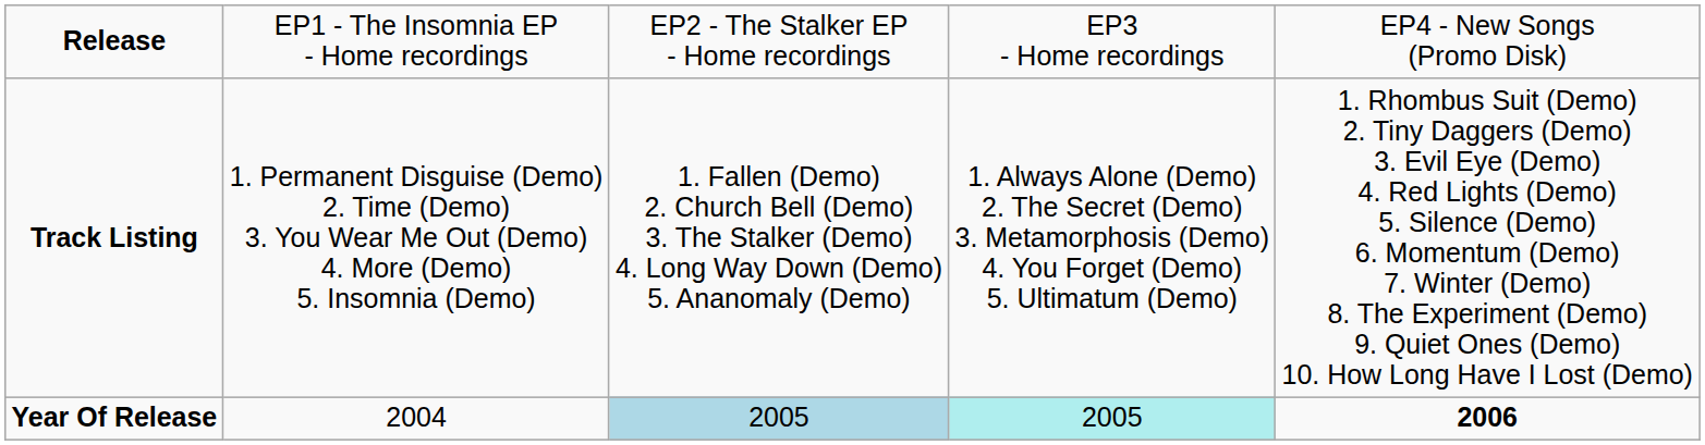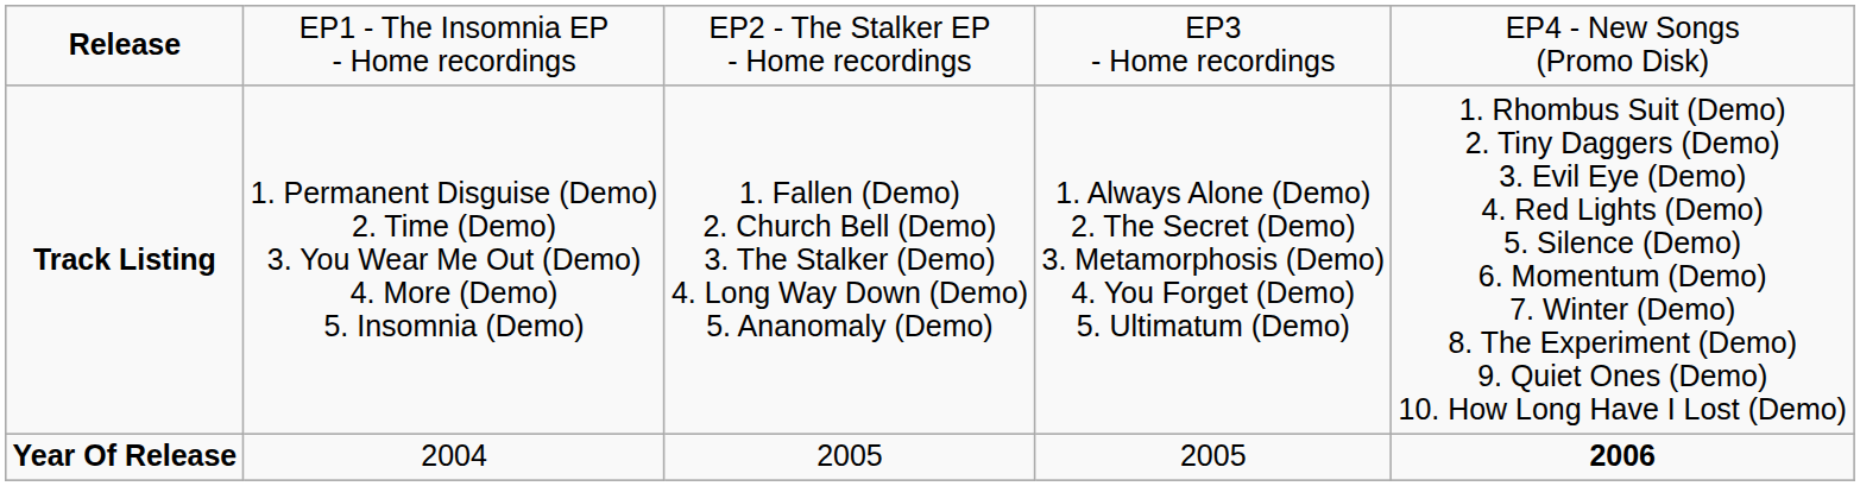 <table class="wikitable" style="text-align: center;">
 <tr>
 <td><strong>Release</strong></td>
 <td>EP1 - The Insomnia EP<br> - Home recordings</td>
 <td>EP2 - The Stalker EP<br> - Home recordings</td>
 <td>EP3<br> - Home recordings</td>
 <td>EP4 - New Songs <br> (Promo Disk)</td>
 </tr>
 <tr>
 <td><strong>Track Listing</strong></td>
 <td>1. Permanent Disguise (Demo)<br>2. Time (Demo)<br>3. You Wear Me Out (Demo)<br>4. More (Demo)<br>5. Insomnia (Demo)</td>
 <td>1. Fallen (Demo)<br>2. Church Bell (Demo)<br>3. The Stalker (Demo)<br>4. Long Way Down (Demo)<br>5. Ananomaly (Demo)</td>
 <td>1. Always Alone (Demo)<br>2. The Secret (Demo)<br>3. Metamorphosis (Demo)<br>4. You Forget (Demo)<br>5. Ultimatum (Demo)</td>
 <td>1. Rhombus Suit (Demo)<br>2. Tiny Daggers (Demo)<br>3. Evil Eye (Demo)<br>4. Red Lights (Demo)<br>5. Silence (Demo)<br>6. Momentum (Demo)<br>7. Winter (Demo)<br>8. The Experiment (Demo)<br>9. Quiet Ones (Demo)<br>10. How Long Have I Lost (Demo)</td>
 </tr>
 <tr>
 <td><strong>Year Of Release</strong></td>
 <td>2004</td>
-<td style="background: lightblue;">2005</td>
-<td style="background: paleturquoise;">2005</td>
+<td>2005</td>
+<td>2005</td>
 <td><strong>2006</strong></td>
 </tr>
 </table>
